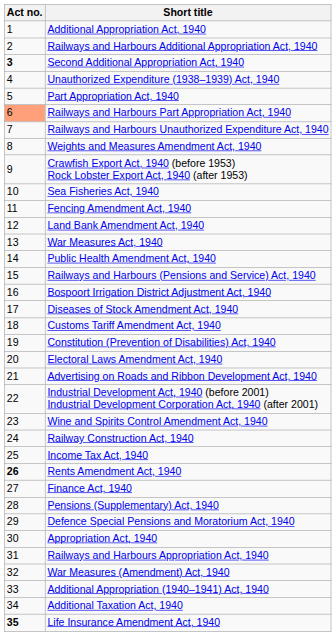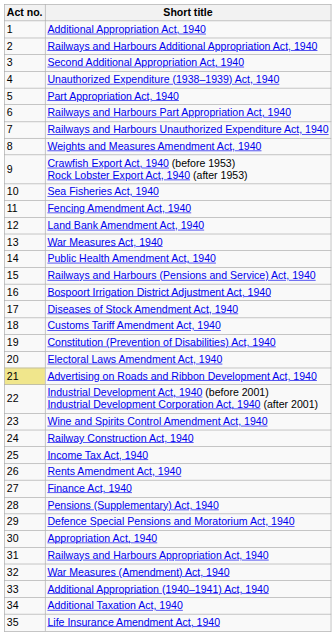 <table class="wikitable sortable">
 <tr>
 <th>Act no.</th>
 <th>Short title</th>
 </tr>
 <tr>
 <td>1</td>
 <td><a href='#'>Additional Appropriation Act, 1940</a></td>
 </tr>
 <tr>
 <td>2</td>
 <td><a href='#'>Railways and Harbours Additional Appropriation Act, 1940</a></td>
 </tr>
 <tr>
-<td><strong>3</strong></td>
+<td>3</td>
 <td><a href='#'>Second Additional Appropriation Act, 1940</a></td>
 </tr>
 <tr>
 <td>4</td>
 <td><a href='#'>Unauthorized Expenditure (1938–1939) Act, 1940</a></td>
 </tr>
 <tr>
 <td>5</td>
 <td><a href='#'>Part Appropriation Act, 1940</a></td>
 </tr>
 <tr>
-<td style="background: lightsalmon;">6</td>
+<td>6</td>
 <td><a href='#'>Railways and Harbours Part Appropriation Act, 1940</a></td>
 </tr>
 <tr>
 <td>7</td>
 <td><a href='#'>Railways and Harbours Unauthorized Expenditure Act, 1940</a></td>
 </tr>
 <tr>
 <td>8</td>
 <td><a href='#'>Weights and Measures Amendment Act, 1940</a></td>
 </tr>
 <tr>
 <td>9</td>
 <td><a href='#'>Crawfish Export Act, 1940</a> (before 1953) <br><a href='#'>Rock Lobster Export Act, 1940</a> (after 1953)</td>
 </tr>
 <tr>
 <td>10</td>
 <td><a href='#'>Sea Fisheries Act, 1940</a></td>
 </tr>
 <tr>
 <td>11</td>
 <td><a href='#'>Fencing Amendment Act, 1940</a></td>
 </tr>
 <tr>
 <td>12</td>
 <td><a href='#'>Land Bank Amendment Act, 1940</a></td>
 </tr>
 <tr>
 <td>13</td>
 <td><a href='#'>War Measures Act, 1940</a></td>
 </tr>
 <tr>
 <td>14</td>
 <td><a href='#'>Public Health Amendment Act, 1940</a></td>
 </tr>
 <tr>
 <td>15</td>
 <td><a href='#'>Railways and Harbours (Pensions and Service) Act, 1940</a></td>
 </tr>
 <tr>
 <td>16</td>
 <td><a href='#'>Bospoort Irrigation District Adjustment Act, 1940</a></td>
 </tr>
 <tr>
 <td>17</td>
 <td><a href='#'>Diseases of Stock Amendment Act, 1940</a></td>
 </tr>
 <tr>
 <td>18</td>
 <td><a href='#'>Customs Tariff Amendment Act, 1940</a></td>
 </tr>
 <tr>
 <td>19</td>
 <td><a href='#'>Constitution (Prevention of Disabilities) Act, 1940</a></td>
 </tr>
 <tr>
 <td>20</td>
 <td><a href='#'>Electoral Laws Amendment Act, 1940</a></td>
 </tr>
 <tr>
-<td>21</td>
+<td style="background: khaki;">21</td>
 <td><a href='#'>Advertising on Roads and Ribbon Development Act, 1940</a></td>
 </tr>
 <tr>
 <td>22</td>
 <td><a href='#'>Industrial Development Act, 1940</a> (before 2001) <br><a href='#'>Industrial Development Corporation Act, 1940</a> (after 2001)</td>
 </tr>
 <tr>
 <td>23</td>
 <td><a href='#'>Wine and Spirits Control Amendment Act, 1940</a></td>
 </tr>
 <tr>
 <td>24</td>
 <td><a href='#'>Railway Construction Act, 1940</a></td>
 </tr>
 <tr>
 <td>25</td>
 <td><a href='#'>Income Tax Act, 1940</a></td>
 </tr>
 <tr>
-<td><strong>26</strong></td>
+<td>26</td>
 <td><a href='#'>Rents Amendment Act, 1940</a></td>
 </tr>
 <tr>
 <td>27</td>
 <td><a href='#'>Finance Act, 1940</a></td>
 </tr>
 <tr>
 <td>28</td>
 <td><a href='#'>Pensions (Supplementary) Act, 1940</a></td>
 </tr>
 <tr>
 <td>29</td>
 <td><a href='#'>Defence Special Pensions and Moratorium Act, 1940</a></td>
 </tr>
 <tr>
 <td>30</td>
 <td><a href='#'>Appropriation Act, 1940</a></td>
 </tr>
 <tr>
 <td>31</td>
 <td><a href='#'>Railways and Harbours Appropriation Act, 1940</a></td>
 </tr>
 <tr>
 <td>32</td>
 <td><a href='#'>War Measures (Amendment) Act, 1940</a></td>
 </tr>
 <tr>
 <td>33</td>
 <td><a href='#'>Additional Appropriation (1940–1941) Act, 1940</a></td>
 </tr>
 <tr>
 <td>34</td>
 <td><a href='#'>Additional Taxation Act, 1940</a></td>
 </tr>
 <tr>
-<td><strong>35</strong></td>
+<td>35</td>
 <td><a href='#'>Life Insurance Amendment Act, 1940</a></td>
 </tr>
 </table>
